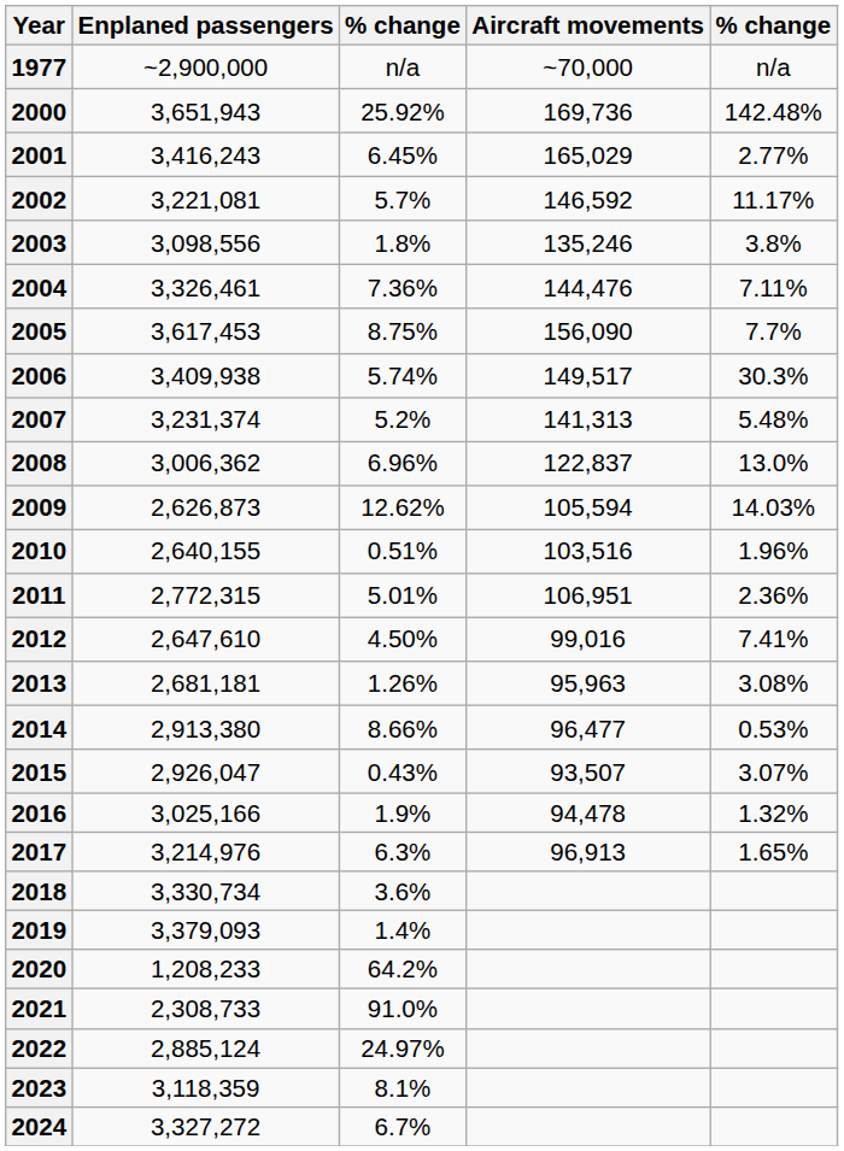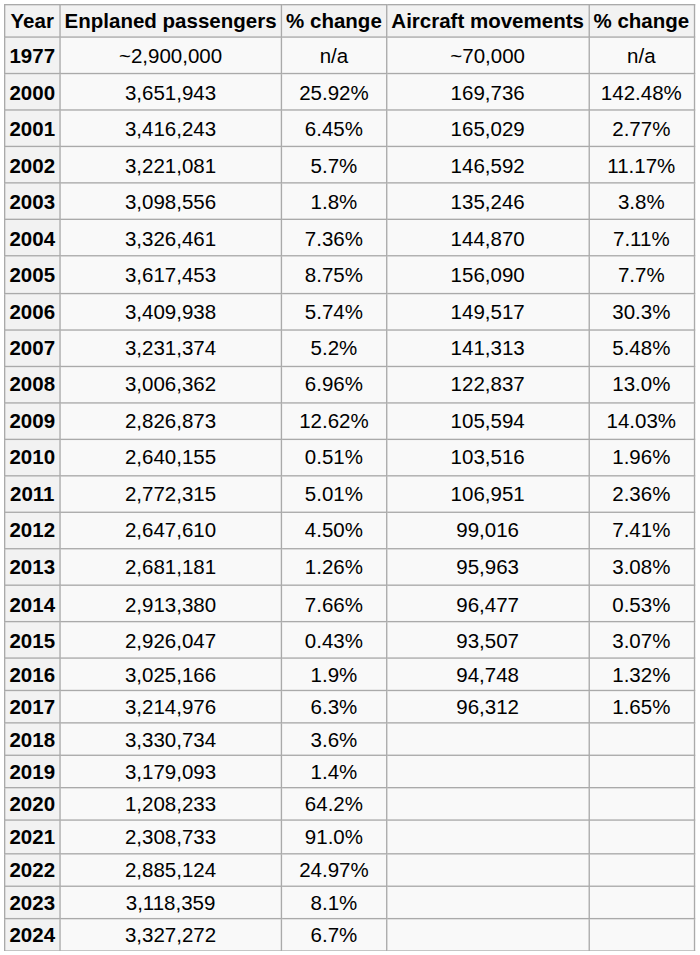 <table class="wikitable sortable" style="font-size: 95%; text-align:center" width="align">
 <tr>
 <th>Year</th>
 <th>Enplaned passengers</th>
 <th>% change</th>
 <th>Aircraft movements</th>
 <th>% change</th>
 </tr>
 <tr>
 <th style="height:20px;" scope="row">1977</th>
 <td>~2,900,000</td>
 <td>n/a</td>
 <td>~70,000</td>
 <td>n/a</td>
 </tr>
 <tr>
 <th style="height:20px;" scope="row">2000</th>
 <td>3,651,943</td>
 <td> 25.92%</td>
 <td>169,736</td>
 <td> 142.48%</td>
 </tr>
 <tr>
 <th style="height:20px;" scope="row">2001</th>
 <td>3,416,243</td>
 <td> 6.45%</td>
 <td>165,029</td>
 <td> 2.77%</td>
 </tr>
 <tr>
 <th style="height:20px;" scope="row">2002</th>
 <td>3,221,081</td>
 <td> 5.7%</td>
 <td>146,592</td>
 <td> 11.17%</td>
 </tr>
 <tr>
 <th style="height:20px;" scope="row">2003</th>
 <td>3,098,556</td>
 <td> 1.8%</td>
 <td>135,246</td>
 <td> 3.8%</td>
 </tr>
 <tr>
 <th style="height:20px;" scope="row">2004</th>
 <td>3,326,461</td>
 <td> 7.36%</td>
-<td>144,476</td>
+<td>144,870</td>
 <td> 7.11%</td>
 </tr>
 <tr>
 <th style="height:20px;" scope="row">2005</th>
 <td>3,617,453</td>
 <td> 8.75%</td>
 <td>156,090</td>
 <td> 7.7%</td>
 </tr>
 <tr>
 <th style="height:20px;" scope="row">2006</th>
 <td>3,409,938</td>
 <td> 5.74%</td>
 <td>149,517</td>
 <td> 30.3%</td>
 </tr>
 <tr>
 <th style="height:20px;" scope="row">2007</th>
 <td>3,231,374</td>
 <td> 5.2%</td>
 <td>141,313</td>
 <td> 5.48%</td>
 </tr>
 <tr>
 <th style="height:20px;" scope="row">2008</th>
 <td>3,006,362</td>
 <td> 6.96%</td>
 <td>122,837</td>
 <td> 13.0%</td>
 </tr>
 <tr>
 <th style="height:20px;" scope="row">2009</th>
-<td>2,626,873</td>
+<td>2,826,873</td>
 <td> 12.62%</td>
 <td>105,594</td>
 <td> 14.03%</td>
 </tr>
 <tr>
 <th style="height:20px;" scope="row">2010</th>
 <td>2,640,155</td>
 <td> 0.51%</td>
 <td>103,516</td>
 <td> 1.96%</td>
 </tr>
 <tr>
 <th style="height:20px;" scope="row">2011</th>
 <td>2,772,315</td>
 <td> 5.01%</td>
 <td>106,951</td>
 <td> 2.36%</td>
 </tr>
 <tr>
 <th style="height:20px;" scope="row">2012</th>
 <td>2,647,610</td>
 <td> 4.50%</td>
 <td>99,016</td>
 <td> 7.41%</td>
 </tr>
 <tr>
 <th style="height:20px;" scope="row">2013</th>
 <td>2,681,181</td>
 <td> 1.26%</td>
 <td>95,963</td>
 <td> 3.08%</td>
 </tr>
 <tr>
 <th style="height:20px;" scope="row">2014</th>
 <td>2,913,380</td>
-<td> 8.66%</td>
+<td> 7.66%</td>
 <td>96,477</td>
 <td> 0.53%</td>
 </tr>
 <tr>
 <th style="height:20px;" scope="row">2015</th>
 <td>2,926,047</td>
 <td> 0.43%</td>
 <td>93,507</td>
 <td> 3.07%</td>
 </tr>
 <tr>
 <th>2016</th>
 <td>3,025,166</td>
 <td> 1.9%</td>
-<td>94,478</td>
+<td>94,748</td>
 <td> 1.32%</td>
 </tr>
 <tr>
 <th>2017</th>
 <td>3,214,976</td>
 <td> 6.3%</td>
-<td>96,913</td>
+<td>96,312</td>
 <td> 1.65%</td>
 </tr>
 <tr>
 <th>2018</th>
 <td>3,330,734</td>
 <td> 3.6%</td>
 <td></td>
 <td></td>
 </tr>
 <tr>
 <th>2019</th>
-<td>3,379,093</td>
+<td>3,179,093</td>
 <td> 1.4%</td>
 <td></td>
 <td></td>
 </tr>
 <tr>
 <th>2020</th>
 <td>1,208,233</td>
 <td> 64.2%</td>
 <td></td>
 <td></td>
 </tr>
 <tr>
 <th>2021</th>
 <td>2,308,733</td>
 <td> 91.0%</td>
 <td></td>
 <td></td>
 </tr>
 <tr>
 <th>2022</th>
 <td>2,885,124</td>
 <td> 24.97%</td>
 <td></td>
 <td></td>
 </tr>
 <tr>
 <th>2023</th>
 <td>3,118,359</td>
 <td> 8.1%</td>
 <td></td>
 <td></td>
 </tr>
 <tr>
 <th>2024</th>
 <td>3,327,272</td>
 <td> 6.7%</td>
 <td></td>
 <td></td>
 </tr>
 </table>
